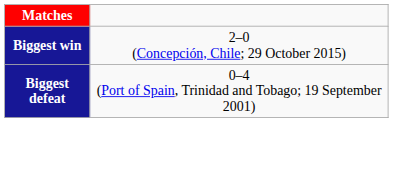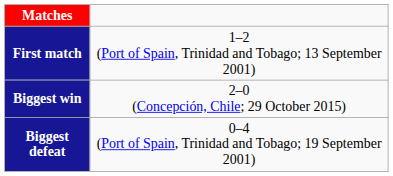 <table class="wikitable collapsible" style="width:50%; text-align:center;">
 <tr>
 <th style="background:#ff0000; color:white; "><strong>Matches</strong></th>
+</tr>
+<tr>
+<th style="background:#171796; color:white; ">First match</th>
+<td> 1–2 <br>(<a href='#'>Port of Spain</a>, Trinidad and Tobago; 13 September 2001)</td>
 </tr>
 <tr>
 <th style="background:#171796; color:white; ">Biggest win</th>
 <td> 2–0 <br>(<a href='#'>Concepción, Chile</a>; 29 October 2015)</td>
 </tr>
 <tr>
 <th style="background:#171796; color:white; ">Biggest defeat</th>
 <td> 0–4 <br>(<a href='#'>Port of Spain</a>, Trinidad and Tobago; 19 September 2001)</td>
 </tr>
 </table>
